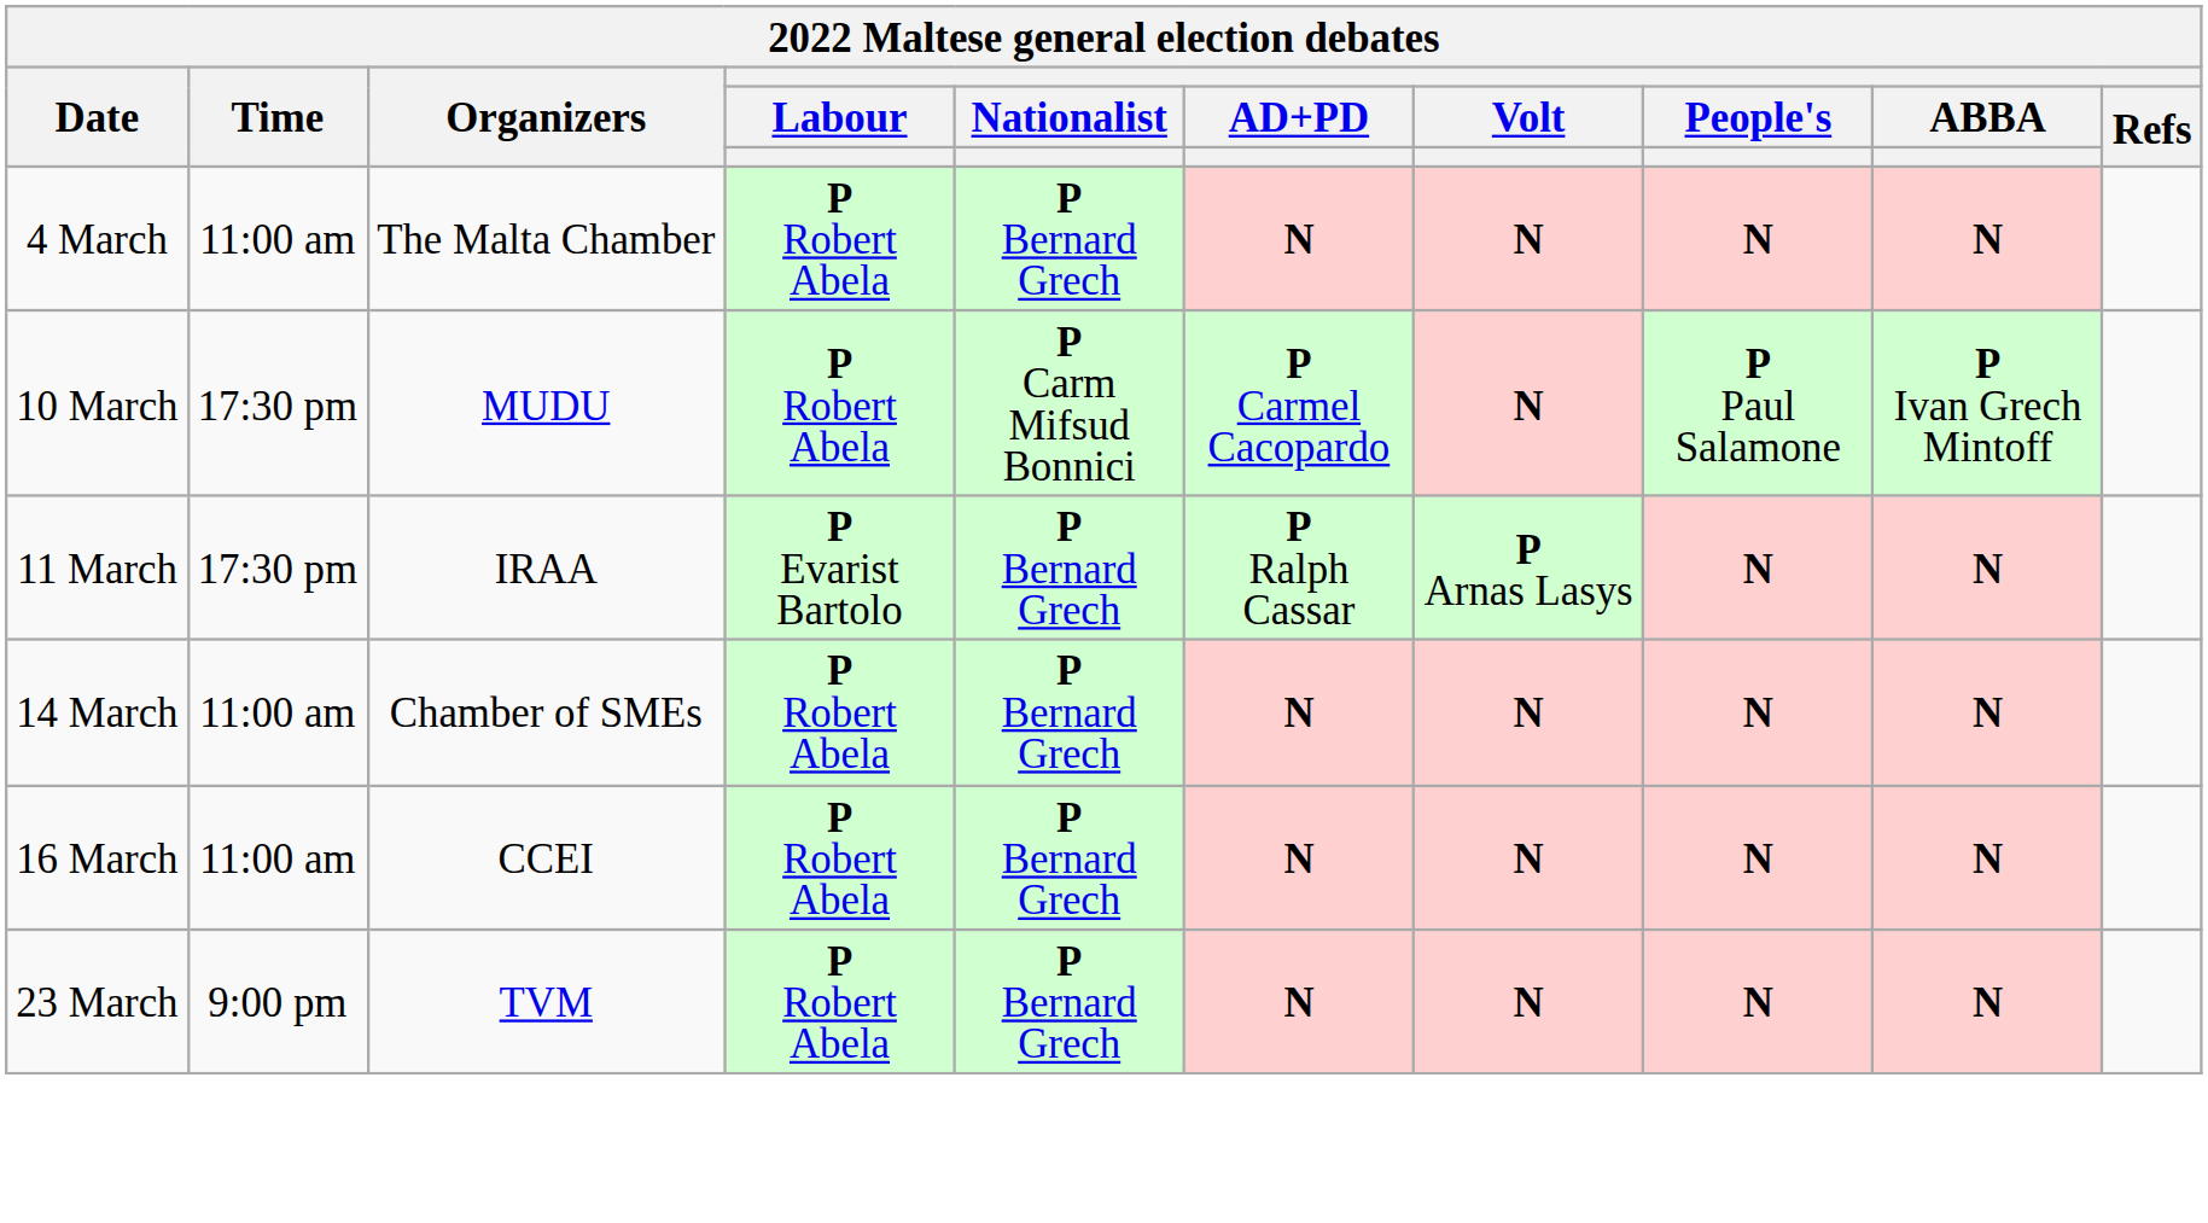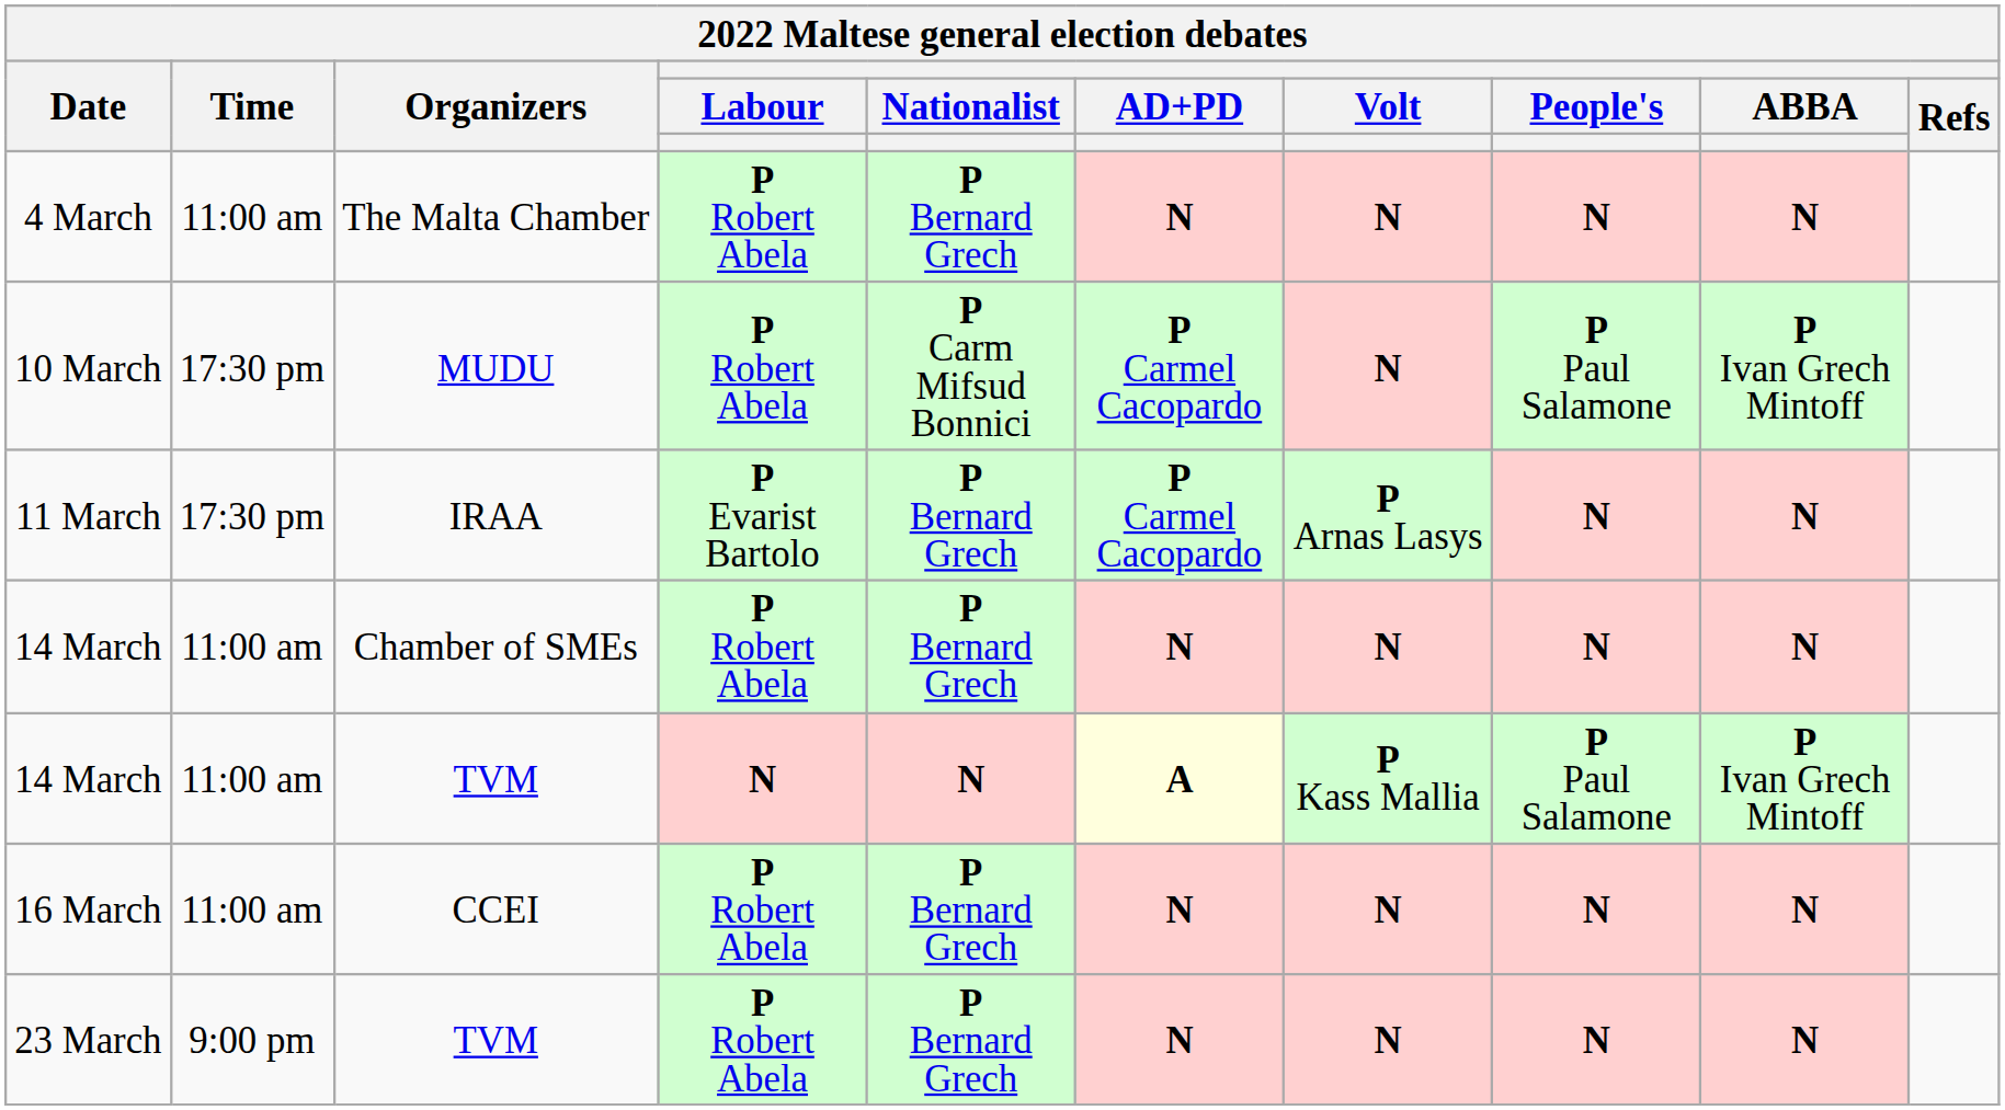 <table class="wikitable" style="font-size:95%; line-height:15px; text-align:center;">
 <tr>
 <th colspan="10">2022 Maltese general election debates</th>
 </tr>
 <tr>
 <th rowspan="3">Date</th>
 <th rowspan="3">Time</th>
 <th rowspan="3">Organizers</th>
 <th colspan="7">      </th>
 </tr>
 <tr>
 <th scope="col" style="width:5em;"><a href='#'>Labour</a></th>
 <th scope="col" style="width:5em;"><a href='#'>Nationalist</a></th>
 <th scope="col" style="width:5em;"><a href='#'>AD+PD</a></th>
 <th scope="col" style="width:5em;"><a href='#'>Volt</a></th>
 <th scope="col" style="width:5em;"><a href='#'>People's</a></th>
 <th scope="col" style="width:5em;">ABBA</th>
 <th rowspan="2">Refs</th>
 </tr>
 <tr>
 <th style="background:"></th>
 <th style="background:"></th>
 <th style="background:"></th>
 <th style="background:"></th>
 <th style="background:"></th>
 <th style="background:"></th>
 </tr>
 <tr>
 <td>4 March</td>
 <td>11:00 am</td>
 <td>The Malta Chamber</td>
 <td style="background:#D0FFD0;"><strong>P</strong><br><a href='#'>Robert Abela</a></td>
 <td style="background:#D0FFD0;"><strong>P</strong><br><a href='#'>Bernard Grech</a></td>
 <td style="background:#FFD0D0;"><strong>N</strong></td>
 <td style="background:#FFD0D0;"><strong>N</strong></td>
 <td style="background:#FFD0D0;"><strong>N</strong></td>
 <td style="background:#FFD0D0;"><strong>N</strong></td>
 <td></td>
 </tr>
 <tr>
 <td>10 March</td>
 <td>17:30 pm</td>
 <td><a href='#'>MUDU</a></td>
 <td style="background:#D0FFD0;"><strong>P</strong><br><a href='#'>Robert Abela</a></td>
 <td style="background:#D0FFD0;"><strong>P</strong><br>Carm Mifsud Bonnici</td>
 <td style="background:#D0FFD0;"><strong>P</strong><br><a href='#'>Carmel Cacopardo</a></td>
 <td style="background:#FFD0D0;"><strong>N</strong></td>
 <td style="background:#D0FFD0;"><strong>P</strong><br>Paul Salamone</td>
 <td style="background:#D0FFD0;"><strong>P</strong><br>Ivan Grech Mintoff</td>
 <td></td>
 </tr>
 <tr>
 <td>11 March</td>
 <td>17:30 pm</td>
 <td>IRAA</td>
 <td style="background:#D0FFD0;"><strong>P</strong><br>Evarist Bartolo</td>
 <td style="background:#D0FFD0;"><strong>P</strong><br><a href='#'>Bernard Grech</a></td>
-<td style="background:#D0FFD0;"><strong>P</strong><br>Ralph Cassar</td>
+<td style="background:#D0FFD0;"><strong>P</strong><br><a href='#'>Carmel Cacopardo</a></td>
 <td style="background:#D0FFD0;"><strong>P</strong><br>Arnas Lasys</td>
 <td style="background:#FFD0D0;"><strong>N</strong></td>
 <td style="background:#FFD0D0;"><strong>N</strong></td>
 <td></td>
 </tr>
 <tr>
 <td>14 March</td>
 <td>11:00 am</td>
 <td>Chamber of SMEs</td>
 <td style="background:#D0FFD0;"><strong>P</strong><br><a href='#'>Robert Abela</a></td>
 <td style="background:#D0FFD0;"><strong>P</strong><br><a href='#'>Bernard Grech</a></td>
 <td style="background:#FFD0D0;"><strong>N</strong></td>
 <td style="background:#FFD0D0;"><strong>N</strong></td>
 <td style="background:#FFD0D0;"><strong>N</strong></td>
 <td style="background:#FFD0D0;"><strong>N</strong></td>
+<td></td>
+</tr>
+<tr>
+<td>14 March</td>
+<td>11:00 am</td>
+<td><a href='#'>TVM</a></td>
+<td style="background:#FFD0D0;"><strong>N</strong></td>
+<td style="background:#FFD0D0;"><strong>N</strong></td>
+<td style="background:#FFFFDD;"><strong>A</strong></td>
+<td style="background:#D0FFD0;"><strong>P</strong><br>Kass Mallia</td>
+<td style="background:#D0FFD0;"><strong>P</strong><br>Paul Salamone</td>
+<td style="background:#D0FFD0;"><strong>P</strong><br>Ivan Grech Mintoff</td>
 <td></td>
 </tr>
 <tr>
 <td>16 March</td>
 <td>11:00 am</td>
 <td>CCEI</td>
 <td style="background:#D0FFD0;"><strong>P</strong><br><a href='#'>Robert Abela</a></td>
 <td style="background:#D0FFD0;"><strong>P</strong><br><a href='#'>Bernard Grech</a></td>
 <td style="background:#FFD0D0;"><strong>N</strong></td>
 <td style="background:#FFD0D0;"><strong>N</strong></td>
 <td style="background:#FFD0D0;"><strong>N</strong></td>
 <td style="background:#FFD0D0;"><strong>N</strong></td>
 <td></td>
 </tr>
 <tr>
 <td>23 March</td>
 <td>9:00 pm</td>
 <td><a href='#'>TVM</a></td>
 <td style="background:#D0FFD0;"><strong>P</strong><br><a href='#'>Robert Abela</a></td>
 <td style="background:#D0FFD0;"><strong>P</strong><br><a href='#'>Bernard Grech</a></td>
 <td style="background:#FFD0D0;"><strong>N</strong></td>
 <td style="background:#FFD0D0;"><strong>N</strong></td>
 <td style="background:#FFD0D0;"><strong>N</strong></td>
 <td style="background:#FFD0D0;"><strong>N</strong></td>
 <td></td>
 </tr>
 </table>
